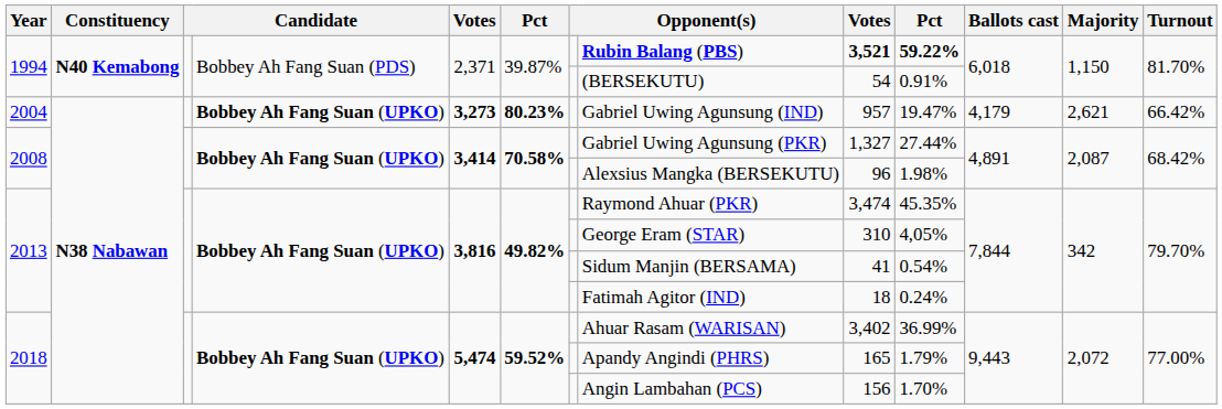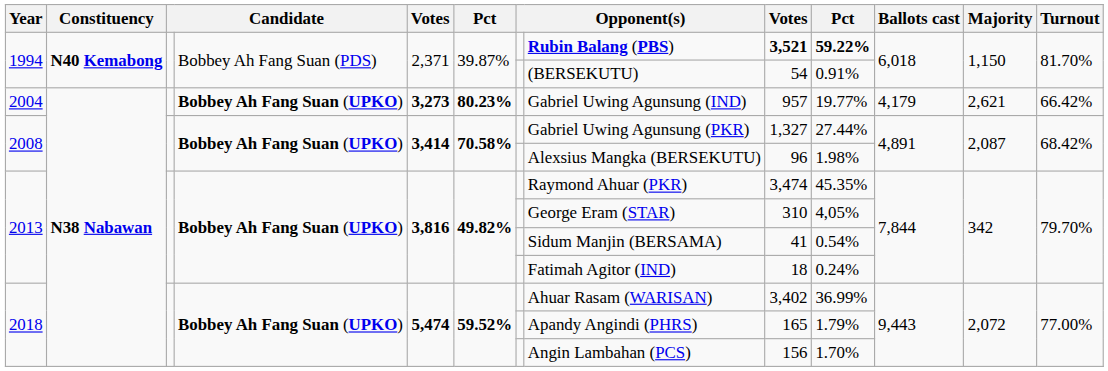 <table class="wikitable" style="margin:0.5em ; font-size:95%">
 <tr>
 <th>Year</th>
 <th>Constituency</th>
 <th colspan=2>Candidate</th>
 <th>Votes</th>
 <th>Pct</th>
 <th colspan=2>Opponent(s)</th>
 <th>Votes</th>
 <th>Pct</th>
 <th>Ballots cast</th>
 <th>Majority</th>
 <th>Turnout</th>
 </tr>
 <tr>
 <td rowspan=2><a href='#'>1994</a></td>
 <td rowspan=2><strong>N40 <a href='#'>Kemabong</a></strong></td>
 <td rowspan=2 ></td>
 <td rowspan=2>Bobbey Ah Fang Suan (<a href='#'>PDS</a>)</td>
 <td rowspan=2 align="right">2,371</td>
 <td rowspan=2>39.87%</td>
 <td></td>
 <td><strong><a href='#'>Rubin Balang</a></strong> (<a href='#'><strong>PBS</strong></a>)</td>
 <td align="right"><strong>3,521</strong></td>
 <td><strong>59.22%</strong></td>
 <td rowspan=2>6,018</td>
 <td rowspan=2>1,150</td>
 <td rowspan=2>81.70%</td>
 </tr>
 <tr>
 <td></td>
 <td> (BERSEKUTU)</td>
 <td align="right">54</td>
 <td>0.91%</td>
 </tr>
 <tr>
 <td rowspan=1><a href='#'>2004</a></td>
 <td rowspan=10><strong>N38 <a href='#'>Nabawan</a></strong></td>
 <td rowspan=1 ></td>
 <td rowspan=1><strong>Bobbey Ah Fang Suan</strong> (<a href='#'><strong>UPKO</strong></a>)</td>
 <td rowspan=1 align="right"><strong>3,273</strong></td>
 <td rowspan=1><strong>80.23%</strong></td>
 <td></td>
 <td>Gabriel Uwing Agunsung (<a href='#'>IND</a>)</td>
 <td align="right">957</td>
-<td>19.47%</td>
+<td>19.77%</td>
 <td rowspan=1>4,179</td>
 <td rowspan=1>2,621</td>
 <td rowspan=1>66.42%</td>
 </tr>
 <tr>
 <td rowspan=2><a href='#'>2008</a></td>
 <td rowspan=2 ></td>
 <td rowspan=2><strong>Bobbey Ah Fang Suan</strong> (<a href='#'><strong>UPKO</strong></a>)</td>
 <td rowspan=2 align="right"><strong>3,414</strong></td>
 <td rowspan=2><strong>70.58%</strong></td>
 <td></td>
 <td>Gabriel Uwing Agunsung (<a href='#'>PKR</a>)</td>
 <td align="right">1,327</td>
 <td>27.44%</td>
 <td rowspan=2>4,891</td>
 <td rowspan=2>2,087</td>
 <td rowspan=2>68.42%</td>
 </tr>
 <tr>
 <td></td>
 <td>Alexsius Mangka (BERSEKUTU)</td>
 <td align="right">96</td>
 <td>1.98%</td>
 </tr>
 <tr>
 <td rowspan=4><a href='#'>2013</a></td>
 <td rowspan=4 ></td>
 <td rowspan=4><strong>Bobbey Ah Fang Suan</strong> (<a href='#'><strong>UPKO</strong></a>)</td>
 <td rowspan=4 align="right"><strong>3,816</strong></td>
 <td rowspan=4><strong>49.82%</strong></td>
 <td></td>
 <td>Raymond Ahuar (<a href='#'>PKR</a>)</td>
 <td align="right">3,474</td>
 <td>45.35%</td>
 <td rowspan=4>7,844</td>
 <td rowspan=4>342</td>
 <td rowspan=4>79.70%</td>
 </tr>
 <tr>
 <td></td>
 <td>George Eram (<a href='#'>STAR</a>)</td>
 <td align="right">310</td>
 <td>4,05%</td>
 </tr>
 <tr>
 <td></td>
 <td>Sidum Manjin (BERSAMA)</td>
 <td align="right">41</td>
 <td>0.54%</td>
 </tr>
 <tr>
 <td></td>
 <td>Fatimah Agitor (<a href='#'>IND</a>)</td>
 <td align="right">18</td>
 <td>0.24%</td>
 </tr>
 <tr>
 <td rowspan=3><a href='#'>2018</a></td>
 <td rowspan=3 ></td>
 <td rowspan=3><strong>Bobbey Ah Fang Suan</strong> (<a href='#'><strong>UPKO</strong></a>)</td>
 <td rowspan=3 align="right"><strong>5,474</strong></td>
 <td rowspan=3><strong>59.52%</strong></td>
 <td></td>
 <td>Ahuar Rasam (<a href='#'>WARISAN</a>)</td>
 <td align="right">3,402</td>
 <td>36.99%</td>
 <td rowspan=3>9,443</td>
 <td rowspan=3>2,072</td>
 <td rowspan=3>77.00%</td>
 </tr>
 <tr>
 <td></td>
 <td>Apandy Angindi (<a href='#'>PHRS</a>)</td>
 <td align="right">165</td>
 <td>1.79%</td>
 </tr>
 <tr>
 <td></td>
 <td>Angin Lambahan (<a href='#'>PCS</a>)</td>
 <td align="right">156</td>
 <td>1.70%</td>
 </tr>
 </table>
